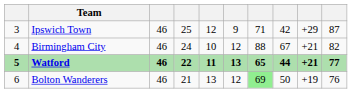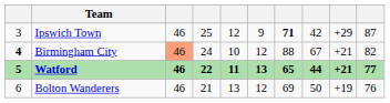 <table class="wikitable" style="text-align:center">
 <tr>
 <th width="30"></th>
 <th width="175">Team</th>
 <th width="30"></th>
 <th width="30"></th>
 <th width="30"></th>
 <th width="30"></th>
 <th width="30"></th>
 <th width="30"></th>
 <th width="30"></th>
 <th width="30"></th>
 </tr>
 <tr>
 <td>3</td>
 <td align=left><a href='#'>Ipswich Town</a></td>
 <td>46</td>
 <td>25</td>
 <td>12</td>
 <td>9</td>
-<td>71</td>
+<td><strong>71</strong></td>
 <td>42</td>
 <td>+29</td>
 <td>87</td>
 </tr>
 <tr>
-<td>4</td>
+<td><strong>4</strong></td>
 <td align=left><a href='#'>Birmingham City</a></td>
-<td>46</td>
+<td style="background: lightsalmon;">46</td>
 <td>24</td>
 <td>10</td>
 <td>12</td>
 <td>88</td>
 <td>67</td>
 <td>+21</td>
 <td>82</td>
 </tr>
 <tr bgcolor=#ADDFAD>
 <td><strong>5</strong></td>
 <td align=left><strong><a href='#'>Watford</a></strong></td>
 <td><strong>46</strong></td>
 <td><strong>22</strong></td>
 <td><strong>11</strong></td>
 <td><strong>13</strong></td>
 <td><strong>65</strong></td>
 <td><strong>44</strong></td>
 <td><strong>+21</strong></td>
 <td><strong>77</strong></td>
 </tr>
 <tr>
 <td>6</td>
 <td align=left><a href='#'>Bolton Wanderers</a></td>
 <td>46</td>
 <td>21</td>
 <td>13</td>
 <td>12</td>
-<td style="background: lightgreen;">69</td>
+<td>69</td>
 <td>50</td>
 <td>+19</td>
 <td>76</td>
 </tr>
 </table>
